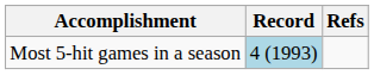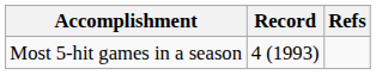 <table class="wikitable" text-align:center;>
 <tr>
 </tr>
 <tr>
 <th>Accomplishment</th>
 <th>Record</th>
 <th>Refs</th>
 </tr>
 <tr>
 <td>Most 5-hit games in a season</td>
-<td style="background: lightblue;">4 (1993)</td>
+<td>4 (1993)</td>
 <td></td>
 </tr>
 </table>
